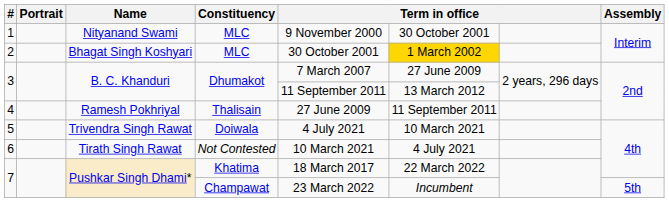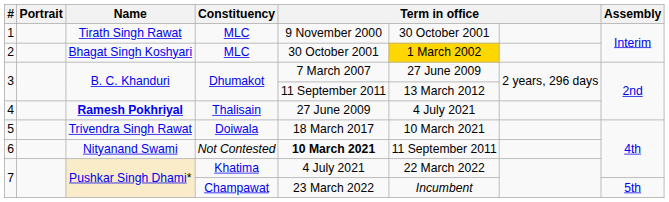 <table class="wikitable plainrowheaders" style="text-align:center">
 <tr align=center>
 <th>#</th>
 <th>Portrait</th>
 <th>Name</th>
 <th>Constituency</th>
 <th colspan="3">Term in office</th>
 <th>Assembly</th>
 </tr>
 <tr align="center">
 <td>1</td>
 <td></td>
-<td><a href='#'>Nityanand Swami</a></td>
+<td><a href='#'>Tirath Singh Rawat</a></td>
 <td><a href='#'>MLC</a></td>
 <td>9 November 2000</td>
 <td>30 October 2001</td>
 <td></td>
 <td rowspan="2"><a href='#'>Interim</a></td>
 </tr>
 <tr align="center">
 <td>2</td>
 <td></td>
 <td><a href='#'>Bhagat Singh Koshyari</a></td>
 <td><a href='#'>MLC</a></td>
 <td>30 October 2001</td>
 <td style="background: gold;">1 March 2002</td>
 <td></td>
 </tr>
 <tr align="center">
 <td rowspan="2">3</td>
 <td rowspan="2"></td>
 <td rowspan="2"><a href='#'>B. C. Khanduri</a></td>
 <td rowspan="2"><a href='#'>Dhumakot</a></td>
 <td>7 March 2007</td>
 <td>27 June 2009</td>
 <td rowspan="2">2 years, 296 days</td>
 <td rowspan="3"><a href='#'>2nd</a></td>
 </tr>
 <tr align="center">
 <td>11 September 2011</td>
 <td>13 March 2012</td>
 </tr>
 <tr align="center">
 <td>4</td>
 <td></td>
-<td><a href='#'>Ramesh Pokhriyal</a></td>
+<td><strong><a href='#'>Ramesh Pokhriyal</a></strong></td>
 <td><a href='#'>Thalisain</a></td>
 <td>27 June 2009</td>
-<td>11 September 2011</td>
+<td>4 July 2021</td>
 <td></td>
 </tr>
 <tr align="center">
 <td>5</td>
 <td></td>
 <td><a href='#'>Trivendra Singh Rawat</a></td>
 <td><a href='#'>Doiwala</a></td>
-<td>4 July 2021</td>
+<td>18 March 2017</td>
 <td>10 March 2021</td>
 <td></td>
 <td rowspan="3"><a href='#'>4th</a></td>
 </tr>
 <tr align="center">
 <td>6</td>
 <td></td>
-<td><a href='#'>Tirath Singh Rawat</a></td>
+<td><a href='#'>Nityanand Swami</a></td>
 <td><em>Not Contested</em></td>
-<td>10 March 2021</td>
-<td>4 July 2021</td>
+<td><strong>10 March 2021</strong></td>
+<td>11 September 2011</td>
 <td></td>
 </tr>
 <tr align="center">
 <td rowspan="2">7</td>
 <td rowspan="2"></td>
 <td rowspan=2 style="background:#faecc8;"><a href='#'>Pushkar Singh Dhami</a>*</td>
 <td><a href='#'>Khatima</a></td>
-<td>18 March 2017</td>
+<td>4 July 2021</td>
 <td>22 March 2022</td>
 <td rowspan="2"></td>
 </tr>
 <tr>
 <td><a href='#'>Champawat</a></td>
 <td>23 March 2022</td>
 <td><em>Incumbent</em></td>
 <td><a href='#'>5th</a></td>
 </tr>
 </table>
